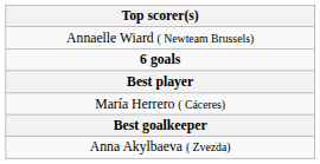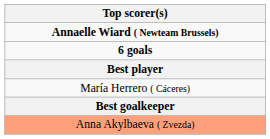 <table class="wikitable" style="margin: 1em auto 1em auto;">
 <tr>
 <th width=350 colspan=3>Top scorer(s)</th>
 </tr>
 <tr align=center style="background:">
-<td style="text-align:center;"> Annaelle Wiard <small>( Newteam Brussels)</small></td>
+<td style="text-align:center;"><strong> Annaelle Wiard <small>( Newteam Brussels)</small></strong></td>
 </tr>
 <tr>
 <td style="text-align:center;"><strong>6 goals</strong></td>
 </tr>
 <tr>
 <th colspan=3>Best player</th>
 </tr>
 <tr>
 <td style="text-align:center;"> María Herrero <small>( Cáceres)</small></td>
 </tr>
 <tr>
 <th colspan=3>Best goalkeeper</th>
 </tr>
 <tr>
-<td style="text-align:center;"> Anna Akylbaeva <small>( Zvezda)</small></td>
+<td style="background: lightsalmon; text-align:center;"> Anna Akylbaeva <small>( Zvezda)</small></td>
 </tr>
 </table>
